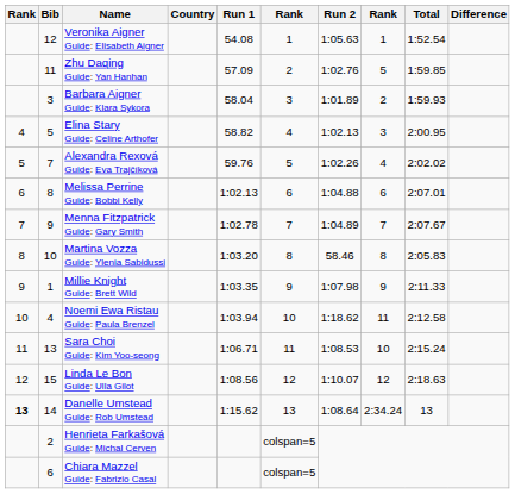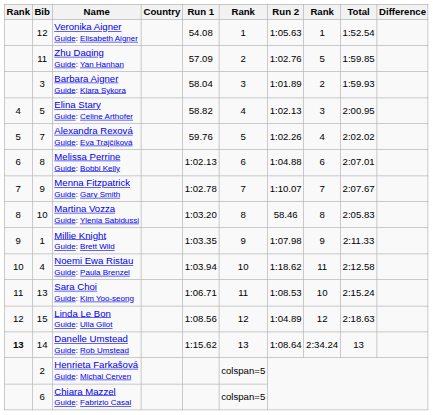 <table class="wikitable sortable" style="text-align:center">
 <tr>
 <th>Rank</th>
 <th>Bib</th>
 <th>Name</th>
 <th>Country</th>
 <th>Run 1</th>
 <th>Rank</th>
 <th>Run 2</th>
 <th>Rank</th>
 <th>Total</th>
 <th>Difference</th>
 </tr>
 <tr>
 <td></td>
 <td>12</td>
 <td align="left"><a href='#'>Veronika Aigner</a><br><small><a href='#'>Guide</a>: <a href='#'>Elisabeth Aigner</a> </small></td>
 <td align="left"></td>
 <td>54.08</td>
 <td>1</td>
 <td>1:05.63</td>
 <td>1</td>
 <td>1:52.54</td>
 <td></td>
 </tr>
 <tr>
 <td></td>
 <td>11</td>
 <td align="left"><a href='#'>Zhu Daqing</a><br><small><a href='#'>Guide</a>: <a href='#'>Yan Hanhan</a> </small></td>
 <td align="left"></td>
 <td>57.09</td>
 <td>2</td>
 <td>1:02.76</td>
 <td>5</td>
 <td>1:59.85</td>
 <td></td>
 </tr>
 <tr>
 <td></td>
 <td>3</td>
 <td align="left"><a href='#'>Barbara Aigner</a><br><small><a href='#'>Guide</a>: <a href='#'>Klara Sykora</a> </small></td>
 <td align="left"></td>
 <td>58.04</td>
 <td>3</td>
 <td>1:01.89</td>
 <td>2</td>
 <td>1:59.93</td>
 <td></td>
 </tr>
 <tr>
 <td>4</td>
 <td>5</td>
 <td align="left"><a href='#'>Elina Stary</a><br><small><a href='#'>Guide</a>: <a href='#'>Celine Arthofer</a> </small></td>
 <td align="left"></td>
 <td>58.82</td>
 <td>4</td>
 <td>1:02.13</td>
 <td>3</td>
 <td>2:00.95</td>
 <td></td>
 </tr>
 <tr>
 <td>5</td>
 <td>7</td>
 <td align="left"><a href='#'>Alexandra Rexová</a><br><small><a href='#'>Guide</a>: <a href='#'>Eva Trajčíková</a> </small></td>
 <td align="left"></td>
 <td>59.76</td>
 <td>5</td>
 <td>1:02.26</td>
 <td>4</td>
 <td>2:02.02</td>
 <td></td>
 </tr>
 <tr>
 <td>6</td>
 <td>8</td>
 <td align="left"><a href='#'>Melissa Perrine</a><br><small><a href='#'>Guide</a>: <a href='#'>Bobbi Kelly</a> </small></td>
 <td align="left"></td>
 <td>1:02.13</td>
 <td>6</td>
 <td>1:04.88</td>
 <td>6</td>
 <td>2:07.01</td>
 <td></td>
 </tr>
 <tr>
 <td>7</td>
 <td>9</td>
 <td align="left"><a href='#'>Menna Fitzpatrick</a><br><small><a href='#'>Guide</a>: <a href='#'>Gary Smith</a> </small></td>
 <td align="left"></td>
 <td>1:02.78</td>
 <td>7</td>
-<td>1:04.89</td>
+<td>1:10.07</td>
 <td>7</td>
 <td>2:07.67</td>
 <td></td>
 </tr>
 <tr>
 <td>8</td>
 <td>10</td>
 <td align="left"><a href='#'>Martina Vozza</a><br><small><a href='#'>Guide</a>: <a href='#'>Ylenia Sabidussi</a> </small></td>
 <td align="left"></td>
 <td>1:03.20</td>
 <td>8</td>
 <td>58.46</td>
 <td>8</td>
 <td>2:05.83</td>
 <td></td>
 </tr>
 <tr>
 <td>9</td>
 <td>1</td>
 <td align="left"><a href='#'>Millie Knight</a><br><small><a href='#'>Guide</a>: <a href='#'>Brett Wild</a> </small></td>
 <td align="left"></td>
 <td>1:03.35</td>
 <td>9</td>
 <td>1:07.98</td>
 <td>9</td>
 <td>2:11.33</td>
 <td></td>
 </tr>
 <tr>
 <td>10</td>
 <td>4</td>
 <td align="left"><a href='#'>Noemi Ewa Ristau</a><br><small><a href='#'>Guide</a>: <a href='#'>Paula Brenzel</a> </small></td>
 <td align="left"></td>
 <td>1:03.94</td>
 <td>10</td>
 <td>1:18.62</td>
 <td>11</td>
 <td>2:12.58</td>
 <td></td>
 </tr>
 <tr>
 <td>11</td>
 <td>13</td>
 <td align="left"><a href='#'>Sara Choi</a><br><small><a href='#'>Guide</a>: <a href='#'>Kim Yoo-seong</a> </small></td>
 <td align="left"></td>
 <td>1:06.71</td>
 <td>11</td>
 <td>1:08.53</td>
 <td>10</td>
 <td>2:15.24</td>
 <td></td>
 </tr>
 <tr>
 <td>12</td>
 <td>15</td>
 <td align="left"><a href='#'>Linda Le Bon</a><br><small><a href='#'>Guide</a>: <a href='#'>Ulla Gilot</a> </small></td>
 <td align="left"></td>
 <td>1:08.56</td>
 <td>12</td>
-<td>1:10.07</td>
+<td>1:04.89</td>
 <td>12</td>
 <td>2:18.63</td>
 <td></td>
 </tr>
 <tr>
 <td><strong>13</strong></td>
 <td>14</td>
 <td align="left"><a href='#'>Danelle Umstead</a><br><small><a href='#'>Guide</a>: <a href='#'>Rob Umstead</a> </small></td>
 <td align="left"></td>
 <td>1:15.62</td>
 <td>13</td>
 <td>1:08.64</td>
 <td>2:34.24</td>
 <td>13</td>
 <td></td>
 </tr>
 <tr>
 <td></td>
 <td>2</td>
 <td align="left"><a href='#'>Henrieta Farkašová</a><br><small><a href='#'>Guide</a>: <a href='#'>Michal Cerven</a> </small></td>
 <td align="left"></td>
 <td></td>
 <td>colspan=5 </td>
 </tr>
 <tr>
 <td></td>
 <td>6</td>
 <td align="left"><a href='#'>Chiara Mazzel</a><br><small><a href='#'>Guide</a>: <a href='#'>Fabrizio Casal</a> </small></td>
 <td align="left"></td>
 <td></td>
 <td>colspan=5 </td>
 </tr>
 </table>
